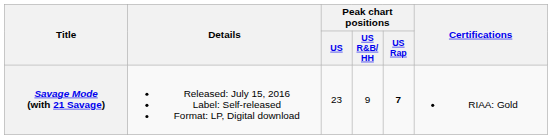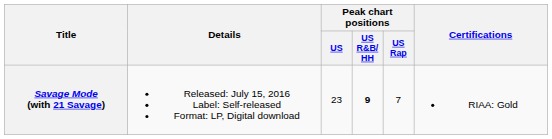 <table class="wikitable plainrowheaders" style="text-align:center;">
 <tr>
 <th rowspan="2" style="width:12em;">Title</th>
 <th rowspan="2" style="width:19em;">Details</th>
 <th colspan="3">Peak chart positions</th>
 <th scope="col" rowspan="2" style="width:13em;"><a href='#'>Certifications</a></th>
 </tr>
 <tr>
 <th style="width:3em;font-size:90%;"><a href='#'>US</a><br></th>
 <th style="width:3em;font-size:90%;"><a href='#'>US<br>R&B/<br>HH</a><br></th>
 <th style="width:3em;font-size:90%;"><a href='#'>US Rap</a><br></th>
 </tr>
 <tr>
 <th scope="row"><em><a href='#'>Savage Mode</a></em><br><span>(with <a href='#'>21 Savage</a>)</span></th>
 <td><br><ul><li>Released: July 15, 2016</li><li>Label: Self-released</li><li>Format: LP, Digital download</li></ul></td>
 <td>23</td>
-<td>9</td>
-<td><strong>7</strong></td>
+<td><strong>9</strong></td>
+<td>7</td>
 <td><br><ul><li>RIAA: Gold</li></ul></td>
 </tr>
 </table>
